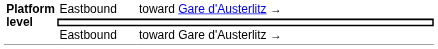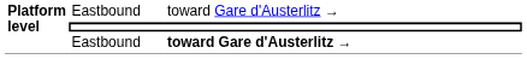 <table border=0 cellspacing=0 cellpadding=3>
 <tr>
 <td style="border-bottom:solid 1px gray;" width=50 rowspan=10 valign=top><strong>Platform level</strong></td>
 <td style="border-bottom:solid 1px gray;" width=100>Eastbound</td>
 <td style="border-bottom:solid 1px gray;" width=390>   toward <a href='#'>Gare d'Austerlitz</a>  →</td>
 </tr>
 <tr>
 <td style="border-top:solid 2px black;border-right:solid 2px black;border-left:solid 2px black;border-bottom:solid 2px black;text-align:center;" colspan=2></td>
 </tr>
 <tr>
 <td style="border-bottom:solid 1px gray;" width=100>Eastbound</td>
-<td style="border-bottom:solid 1px gray;" width=390>   toward Gare d'Austerlitz  →</td>
+<td style="border-bottom:solid 1px gray;" width=390><strong>   toward Gare d'Austerlitz  →</strong></td>
 </tr>
 </table>
